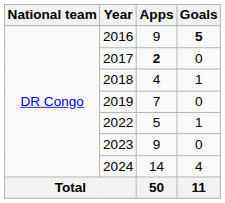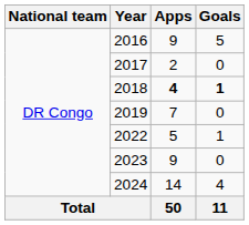 <table class=wikitable style=text-align:center>
 <tr>
 <th>National team</th>
 <th>Year</th>
 <th>Apps</th>
 <th>Goals</th>
 </tr>
 <tr>
 <td rowspan="7"><a href='#'>DR Congo</a></td>
 <td>2016</td>
 <td>9</td>
-<td><strong>5</strong></td>
+<td>5</td>
 </tr>
 <tr>
 <td>2017</td>
-<td><strong>2</strong></td>
+<td>2</td>
 <td>0</td>
 </tr>
 <tr>
 <td>2018</td>
-<td>4</td>
-<td>1</td>
+<td><strong>4</strong></td>
+<td><strong>1</strong></td>
 </tr>
 <tr>
 <td>2019</td>
 <td>7</td>
 <td>0</td>
 </tr>
 <tr>
 <td>2022</td>
 <td>5</td>
 <td>1</td>
 </tr>
 <tr>
 <td>2023</td>
 <td>9</td>
 <td>0</td>
 </tr>
 <tr>
 <td>2024</td>
 <td>14</td>
 <td>4</td>
 </tr>
 <tr>
 <th colspan=2>Total</th>
 <th>50</th>
 <th>11</th>
 </tr>
 </table>
